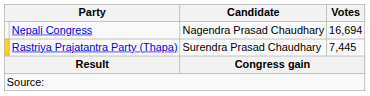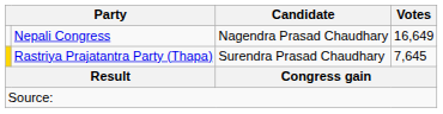 <table class="wikitable">
 <tr>
 <th colspan="2">Party</th>
 <th>Candidate</th>
 <th>Votes</th>
 </tr>
 <tr>
 <td style="background-color:"></td>
 <td><a href='#'>Nepali Congress</a></td>
 <td>Nagendra Prasad Chaudhary</td>
-<td>16,694</td>
+<td>16,649</td>
 </tr>
 <tr>
 <td style="background-color:gold"></td>
 <td><a href='#'>Rastriya Prajatantra Party (Thapa)</a></td>
 <td>Surendra Prasad Chaudhary</td>
-<td>7,445</td>
+<td>7,645</td>
 </tr>
 <tr>
 <th colspan="2">Result</th>
 <th colspan="2">Congress gain</th>
 </tr>
 <tr>
 <td colspan="4">Source: </td>
 </tr>
 </table>
